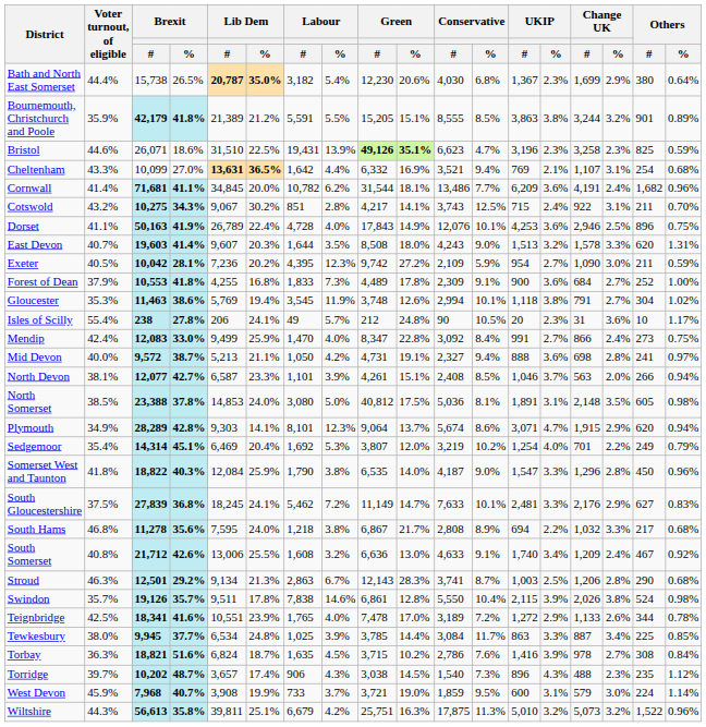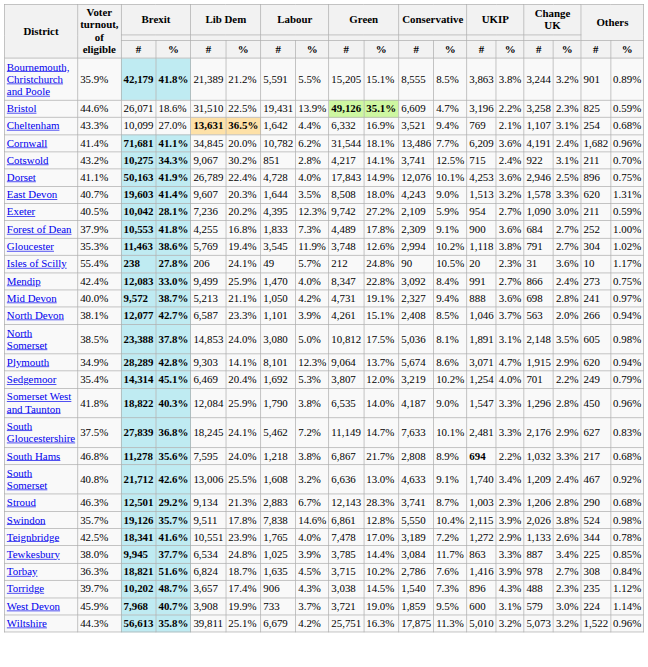 <table class="wikitable sortable">
 <tr>
 <th rowspan=3>District</th>
 <th rowspan=3>Voter turnout,<br>of eligible</th>
 <th colspan="2">Brexit</th>
 <th colspan="2">Lib Dem</th>
 <th colspan="2">Labour</th>
 <th colspan="2">Green</th>
 <th colspan="2">Conservative</th>
 <th colspan="2">UKIP</th>
 <th colspan="2">Change UK</th>
 <th colspan="2" rowspan="2">Others</th>
 </tr>
 <tr>
 <th colspan="2" style="background:"></th>
 <th colspan="2" style="background:"></th>
 <th colspan="2" style="background:"></th>
 <th colspan="2" style="background:"></th>
 <th colspan="2" style="background:"></th>
 <th colspan="2" style="background:"></th>
 <th colspan="2" style="background:"></th>
 </tr>
 <tr>
 <th>#</th>
 <th>%</th>
 <th>#</th>
 <th>%</th>
 <th>#</th>
 <th>%</th>
 <th>#</th>
 <th>%</th>
 <th>#</th>
 <th>%</th>
 <th>#</th>
 <th>%</th>
 <th>#</th>
 <th>%</th>
 <th>#</th>
 <th>%</th>
 </tr>
 <tr>
-<td><a href='#'>Bath and North East Somerset</a></td>
-<td>44.4%</td>
-<td>15,738</td>
-<td>26.5%</td>
-<td style="background:#FEE1A8"><strong>20,787</strong></td>
-<td style="background:#FEE1A8"><strong>35.0%</strong></td>
-<td>3,182</td>
-<td>5.4%</td>
-<td>12,230</td>
-<td>20.6%</td>
-<td>4,030</td>
-<td>6.8%</td>
-<td>1,367</td>
-<td>2.3%</td>
-<td>1,699</td>
-<td>2.9%</td>
-<td>380</td>
-<td>0.64%</td>
-</tr>
-<tr>
 <td><a href='#'>Bournemouth, Christchurch and Poole</a></td>
 <td>35.9%</td>
 <td style="background:#BFEBF2"><strong>42,179</strong></td>
 <td style="background:#BFEBF2"><strong>41.8%</strong></td>
 <td>21,389</td>
 <td>21.2%</td>
 <td>5,591</td>
 <td>5.5%</td>
 <td>15,205</td>
 <td>15.1%</td>
 <td>8,555</td>
 <td>8.5%</td>
 <td>3,863</td>
 <td>3.8%</td>
 <td>3,244</td>
 <td>3.2%</td>
 <td>901</td>
 <td>0.89%</td>
 </tr>
 <tr>
 <td><a href='#'>Bristol</a></td>
 <td>44.6%</td>
 <td>26,071</td>
 <td>18.6%</td>
 <td>31,510</td>
 <td>22.5%</td>
 <td>19,431</td>
 <td>13.9%</td>
 <td style="background:#cef7a1"><strong>49,126</strong></td>
 <td style="background:#cef7a1"><strong>35.1%</strong></td>
-<td>6,623</td>
+<td>6,609</td>
 <td>4.7%</td>
 <td>3,196</td>
-<td>2.3%</td>
+<td>2.2%</td>
 <td>3,258</td>
 <td>2.3%</td>
 <td>825</td>
 <td>0.59%</td>
 </tr>
 <tr>
 <td><a href='#'>Cheltenham</a></td>
 <td>43.3%</td>
 <td>10,099</td>
 <td>27.0%</td>
 <td style="background:#FEE1A8"><strong>13,631</strong></td>
 <td style="background:#FEE1A8"><strong>36.5%</strong></td>
 <td>1,642</td>
 <td>4.4%</td>
 <td>6,332</td>
 <td>16.9%</td>
 <td>3,521</td>
 <td>9.4%</td>
 <td>769</td>
 <td>2.1%</td>
 <td>1,107</td>
 <td>3.1%</td>
 <td>254</td>
 <td>0.68%</td>
 </tr>
 <tr>
 <td><a href='#'>Cornwall</a></td>
 <td>41.4%</td>
 <td style="background:#BFEBF2"><strong>71,681</strong></td>
 <td style="background:#BFEBF2"><strong>41.1%</strong></td>
 <td>34,845</td>
 <td>20.0%</td>
 <td>10,782</td>
 <td>6.2%</td>
 <td>31,544</td>
 <td>18.1%</td>
 <td>13,486</td>
 <td>7.7%</td>
 <td>6,209</td>
 <td>3.6%</td>
 <td>4,191</td>
 <td>2.4%</td>
 <td>1,682</td>
 <td>0.96%</td>
 </tr>
 <tr>
 <td><a href='#'>Cotswold</a></td>
 <td>43.2%</td>
 <td style="background:#BFEBF2"><strong>10,275</strong></td>
 <td style="background:#BFEBF2"><strong>34.3%</strong></td>
 <td>9,067</td>
 <td>30.2%</td>
 <td>851</td>
 <td>2.8%</td>
 <td>4,217</td>
 <td>14.1%</td>
-<td>3,743</td>
+<td>3,741</td>
 <td>12.5%</td>
 <td>715</td>
 <td>2.4%</td>
 <td>922</td>
 <td>3.1%</td>
 <td>211</td>
 <td>0.70%</td>
 </tr>
 <tr>
 <td><a href='#'>Dorset</a></td>
 <td>41.1%</td>
 <td style="background:#BFEBF2"><strong>50,163</strong></td>
 <td style="background:#BFEBF2"><strong>41.9%</strong></td>
 <td>26,789</td>
 <td>22.4%</td>
 <td>4,728</td>
 <td>4.0%</td>
 <td>17,843</td>
 <td>14.9%</td>
 <td>12,076</td>
 <td>10.1%</td>
 <td>4,253</td>
 <td>3.6%</td>
 <td>2,946</td>
 <td>2.5%</td>
 <td>896</td>
 <td>0.75%</td>
 </tr>
 <tr>
 <td><a href='#'>East Devon</a></td>
 <td>40.7%</td>
 <td style="background:#BFEBF2"><strong>19,603</strong></td>
 <td style="background:#BFEBF2"><strong>41.4%</strong></td>
 <td>9,607</td>
 <td>20.3%</td>
 <td>1,644</td>
 <td>3.5%</td>
 <td>8,508</td>
 <td>18.0%</td>
 <td>4,243</td>
 <td>9.0%</td>
 <td>1,513</td>
 <td>3.2%</td>
 <td>1,578</td>
 <td>3.3%</td>
 <td>620</td>
 <td>1.31%</td>
 </tr>
 <tr>
 <td><a href='#'>Exeter</a></td>
 <td>40.5%</td>
 <td style="background:#BFEBF2"><strong>10,042</strong></td>
 <td style="background:#BFEBF2"><strong>28.1%</strong></td>
 <td>7,236</td>
 <td>20.2%</td>
 <td>4,395</td>
 <td>12.3%</td>
 <td>9,742</td>
 <td>27.2%</td>
 <td>2,109</td>
 <td>5.9%</td>
 <td>954</td>
 <td>2.7%</td>
 <td>1,090</td>
 <td>3.0%</td>
 <td>211</td>
 <td>0.59%</td>
 </tr>
 <tr>
 <td><a href='#'>Forest of Dean</a></td>
 <td>37.9%</td>
 <td style="background:#BFEBF2"><strong>10,553</strong></td>
 <td style="background:#BFEBF2"><strong>41.8%</strong></td>
 <td>4,255</td>
 <td>16.8%</td>
 <td>1,833</td>
 <td>7.3%</td>
 <td>4,489</td>
 <td>17.8%</td>
 <td>2,309</td>
 <td>9.1%</td>
 <td>900</td>
 <td>3.6%</td>
 <td>684</td>
 <td>2.7%</td>
 <td>252</td>
 <td>1.00%</td>
 </tr>
 <tr>
 <td><a href='#'>Gloucester</a></td>
 <td>35.3%</td>
 <td style="background:#BFEBF2"><strong>11,463</strong></td>
 <td style="background:#BFEBF2"><strong>38.6%</strong></td>
 <td>5,769</td>
 <td>19.4%</td>
 <td>3,545</td>
 <td>11.9%</td>
 <td>3,748</td>
 <td>12.6%</td>
 <td>2,994</td>
-<td>10.1%</td>
+<td>10.2%</td>
 <td>1,118</td>
 <td>3.8%</td>
 <td>791</td>
 <td>2.7%</td>
 <td>304</td>
 <td>1.02%</td>
 </tr>
 <tr>
 <td><a href='#'>Isles of Scilly</a></td>
 <td>55.4%</td>
 <td style="background:#BFEBF2"><strong>238</strong></td>
 <td style="background:#BFEBF2"><strong>27.8%</strong></td>
 <td>206</td>
 <td>24.1%</td>
 <td>49</td>
 <td>5.7%</td>
 <td>212</td>
 <td>24.8%</td>
 <td>90</td>
 <td>10.5%</td>
 <td>20</td>
 <td>2.3%</td>
 <td>31</td>
 <td>3.6%</td>
 <td>10</td>
 <td>1.17%</td>
 </tr>
 <tr>
 <td><a href='#'>Mendip</a></td>
 <td>42.4%</td>
 <td style="background:#BFEBF2"><strong>12,083</strong></td>
 <td style="background:#BFEBF2"><strong>33.0%</strong></td>
 <td>9,499</td>
 <td>25.9%</td>
 <td>1,470</td>
 <td>4.0%</td>
 <td>8,347</td>
 <td>22.8%</td>
 <td>3,092</td>
 <td>8.4%</td>
 <td>991</td>
 <td>2.7%</td>
 <td>866</td>
 <td>2.4%</td>
 <td>273</td>
 <td>0.75%</td>
 </tr>
 <tr>
 <td><a href='#'>Mid Devon</a></td>
 <td>40.0%</td>
 <td style="background:#BFEBF2"><strong>9,572</strong></td>
 <td style="background:#BFEBF2"><strong>38.7%</strong></td>
 <td>5,213</td>
 <td>21.1%</td>
 <td>1,050</td>
 <td>4.2%</td>
 <td>4,731</td>
 <td>19.1%</td>
 <td>2,327</td>
 <td>9.4%</td>
 <td>888</td>
 <td>3.6%</td>
 <td>698</td>
 <td>2.8%</td>
 <td>241</td>
 <td>0.97%</td>
 </tr>
 <tr>
 <td><a href='#'>North Devon</a></td>
 <td>38.1%</td>
 <td style="background:#BFEBF2"><strong>12,077</strong></td>
 <td style="background:#BFEBF2"><strong>42.7%</strong></td>
 <td>6,587</td>
 <td>23.3%</td>
 <td>1,101</td>
 <td>3.9%</td>
 <td>4,261</td>
 <td>15.1%</td>
 <td>2,408</td>
 <td>8.5%</td>
 <td>1,046</td>
 <td>3.7%</td>
 <td>563</td>
 <td>2.0%</td>
 <td>266</td>
 <td>0.94%</td>
 </tr>
 <tr>
 <td><a href='#'>North Somerset</a></td>
 <td>38.5%</td>
 <td style="background:#BFEBF2"><strong>23,388</strong></td>
 <td style="background:#BFEBF2"><strong>37.8%</strong></td>
 <td>14,853</td>
 <td>24.0%</td>
 <td>3,080</td>
 <td>5.0%</td>
-<td>40,812</td>
+<td>10,812</td>
 <td>17.5%</td>
 <td>5,036</td>
 <td>8.1%</td>
 <td>1,891</td>
 <td>3.1%</td>
 <td>2,148</td>
 <td>3.5%</td>
 <td>605</td>
 <td>0.98%</td>
 </tr>
 <tr>
 <td><a href='#'>Plymouth</a></td>
 <td>34.9%</td>
 <td style="background:#BFEBF2"><strong>28,289</strong></td>
 <td style="background:#BFEBF2"><strong>42.8%</strong></td>
 <td>9,303</td>
 <td>14.1%</td>
 <td>8,101</td>
 <td>12.3%</td>
 <td>9,064</td>
 <td>13.7%</td>
 <td>5,674</td>
 <td>8.6%</td>
 <td>3,071</td>
 <td>4.7%</td>
 <td>1,915</td>
 <td>2.9%</td>
 <td>620</td>
 <td>0.94%</td>
 </tr>
 <tr>
 <td><a href='#'>Sedgemoor</a></td>
 <td>35.4%</td>
 <td style="background:#BFEBF2"><strong>14,314</strong></td>
 <td style="background:#BFEBF2"><strong>45.1%</strong></td>
 <td>6,469</td>
 <td>20.4%</td>
 <td>1,692</td>
 <td>5.3%</td>
 <td>3,807</td>
 <td>12.0%</td>
 <td>3,219</td>
 <td>10.2%</td>
 <td>1,254</td>
 <td>4.0%</td>
 <td>701</td>
 <td>2.2%</td>
 <td>249</td>
 <td>0.79%</td>
 </tr>
 <tr>
 <td><a href='#'>Somerset West and Taunton</a></td>
 <td>41.8%</td>
 <td style="background:#BFEBF2"><strong>18,822</strong></td>
 <td style="background:#BFEBF2"><strong>40.3%</strong></td>
 <td>12,084</td>
 <td>25.9%</td>
 <td>1,790</td>
 <td>3.8%</td>
 <td>6,535</td>
 <td>14.0%</td>
 <td>4,187</td>
 <td>9.0%</td>
 <td>1,547</td>
 <td>3.3%</td>
 <td>1,296</td>
 <td>2.8%</td>
 <td>450</td>
 <td>0.96%</td>
 </tr>
 <tr>
 <td><a href='#'>South Gloucestershire</a></td>
 <td>37.5%</td>
 <td style="background:#BFEBF2"><strong>27,839</strong></td>
 <td style="background:#BFEBF2"><strong>36.8%</strong></td>
 <td>18,245</td>
 <td>24.1%</td>
 <td>5,462</td>
 <td>7.2%</td>
 <td>11,149</td>
 <td>14.7%</td>
 <td>7,633</td>
 <td>10.1%</td>
 <td>2,481</td>
 <td>3.3%</td>
 <td>2,176</td>
 <td>2.9%</td>
 <td>627</td>
 <td>0.83%</td>
 </tr>
 <tr>
 <td><a href='#'>South Hams</a></td>
 <td>46.8%</td>
 <td style="background:#BFEBF2"><strong>11,278</strong></td>
 <td style="background:#BFEBF2"><strong>35.6%</strong></td>
 <td>7,595</td>
 <td>24.0%</td>
 <td>1,218</td>
 <td>3.8%</td>
 <td>6,867</td>
 <td>21.7%</td>
 <td>2,808</td>
 <td>8.9%</td>
-<td>694</td>
+<td><strong>694</strong></td>
 <td>2.2%</td>
 <td>1,032</td>
 <td>3.3%</td>
 <td>217</td>
 <td>0.68%</td>
 </tr>
 <tr>
 <td><a href='#'>South Somerset</a></td>
 <td>40.8%</td>
 <td style="background:#BFEBF2"><strong>21,712</strong></td>
 <td style="background:#BFEBF2"><strong>42.6%</strong></td>
 <td>13,006</td>
 <td>25.5%</td>
 <td>1,608</td>
 <td>3.2%</td>
 <td>6,636</td>
 <td>13.0%</td>
 <td>4,633</td>
 <td>9.1%</td>
 <td>1,740</td>
 <td>3.4%</td>
 <td>1,209</td>
 <td>2.4%</td>
 <td>467</td>
 <td>0.92%</td>
 </tr>
 <tr>
 <td><a href='#'>Stroud</a></td>
 <td>46.3%</td>
 <td style="background:#BFEBF2"><strong>12,501</strong></td>
 <td style="background:#BFEBF2"><strong>29.2%</strong></td>
 <td>9,134</td>
 <td>21.3%</td>
-<td>2,863</td>
+<td>2,883</td>
 <td>6.7%</td>
 <td>12,143</td>
 <td>28.3%</td>
 <td>3,741</td>
 <td>8.7%</td>
 <td>1,003</td>
-<td>2.5%</td>
+<td>2.3%</td>
 <td>1,206</td>
 <td>2.8%</td>
 <td>290</td>
 <td>0.68%</td>
 </tr>
 <tr>
 <td><a href='#'>Swindon</a></td>
 <td>35.7%</td>
 <td style="background:#BFEBF2"><strong>19,126</strong></td>
 <td style="background:#BFEBF2"><strong>35.7%</strong></td>
 <td>9,511</td>
 <td>17.8%</td>
 <td>7,838</td>
 <td>14.6%</td>
 <td>6,861</td>
 <td>12.8%</td>
 <td>5,550</td>
 <td>10.4%</td>
 <td>2,115</td>
 <td>3.9%</td>
 <td>2,026</td>
 <td>3.8%</td>
 <td>524</td>
 <td>0.98%</td>
 </tr>
 <tr>
 <td><a href='#'>Teignbridge</a></td>
 <td>42.5%</td>
 <td style="background:#BFEBF2"><strong>18,341</strong></td>
 <td style="background:#BFEBF2"><strong>41.6%</strong></td>
 <td>10,551</td>
 <td>23.9%</td>
 <td>1,765</td>
 <td>4.0%</td>
 <td>7,478</td>
 <td>17.0%</td>
 <td>3,189</td>
 <td>7.2%</td>
 <td>1,272</td>
 <td>2.9%</td>
 <td>1,133</td>
 <td>2.6%</td>
 <td>344</td>
 <td>0.78%</td>
 </tr>
 <tr>
 <td><a href='#'>Tewkesbury</a></td>
 <td>38.0%</td>
 <td style="background:#BFEBF2"><strong>9,945</strong></td>
 <td style="background:#BFEBF2"><strong>37.7%</strong></td>
 <td>6,534</td>
 <td>24.8%</td>
 <td>1,025</td>
 <td>3.9%</td>
 <td>3,785</td>
 <td>14.4%</td>
 <td>3,084</td>
 <td>11.7%</td>
 <td>863</td>
 <td>3.3%</td>
 <td>887</td>
 <td>3.4%</td>
 <td>225</td>
 <td>0.85%</td>
 </tr>
 <tr>
 <td><a href='#'>Torbay</a></td>
 <td>36.3%</td>
 <td style="background:#BFEBF2"><strong>18,821</strong></td>
 <td style="background:#BFEBF2"><strong>51.6%</strong></td>
 <td>6,824</td>
 <td>18.7%</td>
 <td>1,635</td>
 <td>4.5%</td>
 <td>3,715</td>
 <td>10.2%</td>
 <td>2,786</td>
 <td>7.6%</td>
 <td>1,416</td>
 <td>3.9%</td>
 <td>978</td>
 <td>2.7%</td>
 <td>308</td>
 <td>0.84%</td>
 </tr>
 <tr>
 <td><a href='#'>Torridge</a></td>
 <td>39.7%</td>
 <td style="background:#BFEBF2"><strong>10,202</strong></td>
 <td style="background:#BFEBF2"><strong>48.7%</strong></td>
 <td>3,657</td>
 <td>17.4%</td>
 <td>906</td>
 <td>4.3%</td>
 <td>3,038</td>
 <td>14.5%</td>
 <td>1,540</td>
 <td>7.3%</td>
 <td>896</td>
 <td>4.3%</td>
 <td>488</td>
 <td>2.3%</td>
 <td>235</td>
 <td>1.12%</td>
 </tr>
 <tr>
 <td><a href='#'>West Devon</a></td>
 <td>45.9%</td>
 <td style="background:#BFEBF2"><strong>7,968</strong></td>
 <td style="background:#BFEBF2"><strong>40.7%</strong></td>
 <td>3,908</td>
 <td>19.9%</td>
 <td>733</td>
 <td>3.7%</td>
 <td>3,721</td>
 <td>19.0%</td>
 <td>1,859</td>
 <td>9.5%</td>
 <td>600</td>
 <td>3.1%</td>
 <td>579</td>
 <td>3.0%</td>
 <td>224</td>
 <td>1.14%</td>
 </tr>
 <tr>
 <td><a href='#'>Wiltshire</a></td>
 <td>44.3%</td>
 <td style="background:#BFEBF2"><strong>56,613</strong></td>
 <td style="background:#BFEBF2"><strong>35.8%</strong></td>
 <td>39,811</td>
 <td>25.1%</td>
 <td>6,679</td>
 <td>4.2%</td>
 <td>25,751</td>
 <td>16.3%</td>
 <td>17,875</td>
 <td>11.3%</td>
 <td>5,010</td>
 <td>3.2%</td>
 <td>5,073</td>
 <td>3.2%</td>
 <td>1,522</td>
 <td>0.96%</td>
 </tr>
 </table>
